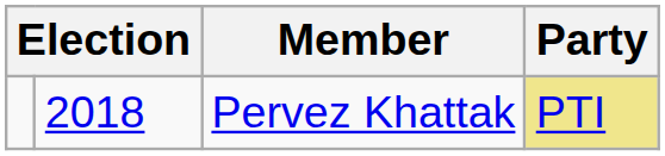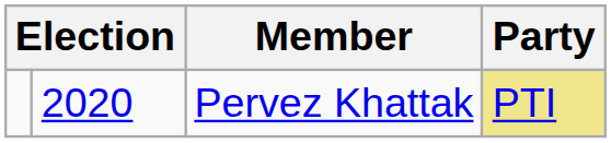 <table class="wikitable">
 <tr>
 <th colspan="2">Election</th>
 <th>Member</th>
 <th>Party</th>
 </tr>
 <tr>
 <td style="background-color: "></td>
-<td><a href='#'>2018</a></td>
+<td><a href='#'>2020</a></td>
 <td><a href='#'>Pervez Khattak</a></td>
 <td style="background: khaki;"><a href='#'>PTI</a></td>
 </tr>
 </table>
